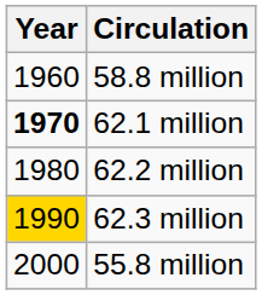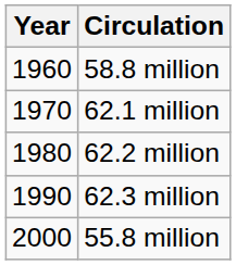 <table class="wikitable" style="margin-left:1em">
 <tr>
 <th>Year</th>
 <th>Circulation</th>
 </tr>
 <tr>
 <td>1960</td>
 <td>58.8 million</td>
 </tr>
 <tr>
-<td><strong>1970</strong></td>
+<td>1970</td>
 <td>62.1 million</td>
 </tr>
 <tr>
 <td>1980</td>
 <td>62.2 million</td>
 </tr>
 <tr>
-<td style="background: gold;">1990</td>
+<td>1990</td>
 <td>62.3 million</td>
 </tr>
 <tr>
 <td>2000</td>
 <td>55.8 million</td>
 </tr>
 </table>
